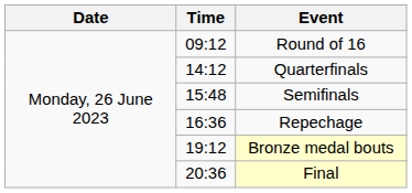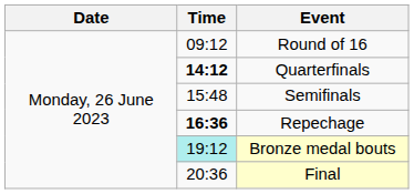 <table class = "wikitable" style="text-align:center;">
 <tr>
 <th width=160>Date</th>
 <th width=50>Time</th>
 <th width=160>Event</th>
 </tr>
 <tr>
 <td rowspan=6>Monday, 26 June 2023</td>
 <td>09:12</td>
 <td>Round of 16</td>
 </tr>
 <tr>
-<td>14:12</td>
+<td><strong>14:12</strong></td>
 <td>Quarterfinals</td>
 </tr>
 <tr>
 <td>15:48</td>
 <td>Semifinals</td>
 </tr>
 <tr>
-<td>16:36</td>
+<td><strong>16:36</strong></td>
 <td>Repechage</td>
 </tr>
 <tr>
-<td>19:12</td>
+<td style="background: paleturquoise;">19:12</td>
 <td bgcolor=ffffcc>Bronze medal bouts</td>
 </tr>
 <tr>
 <td>20:36</td>
 <td bgcolor=ffffcc>Final</td>
 </tr>
 </table>
